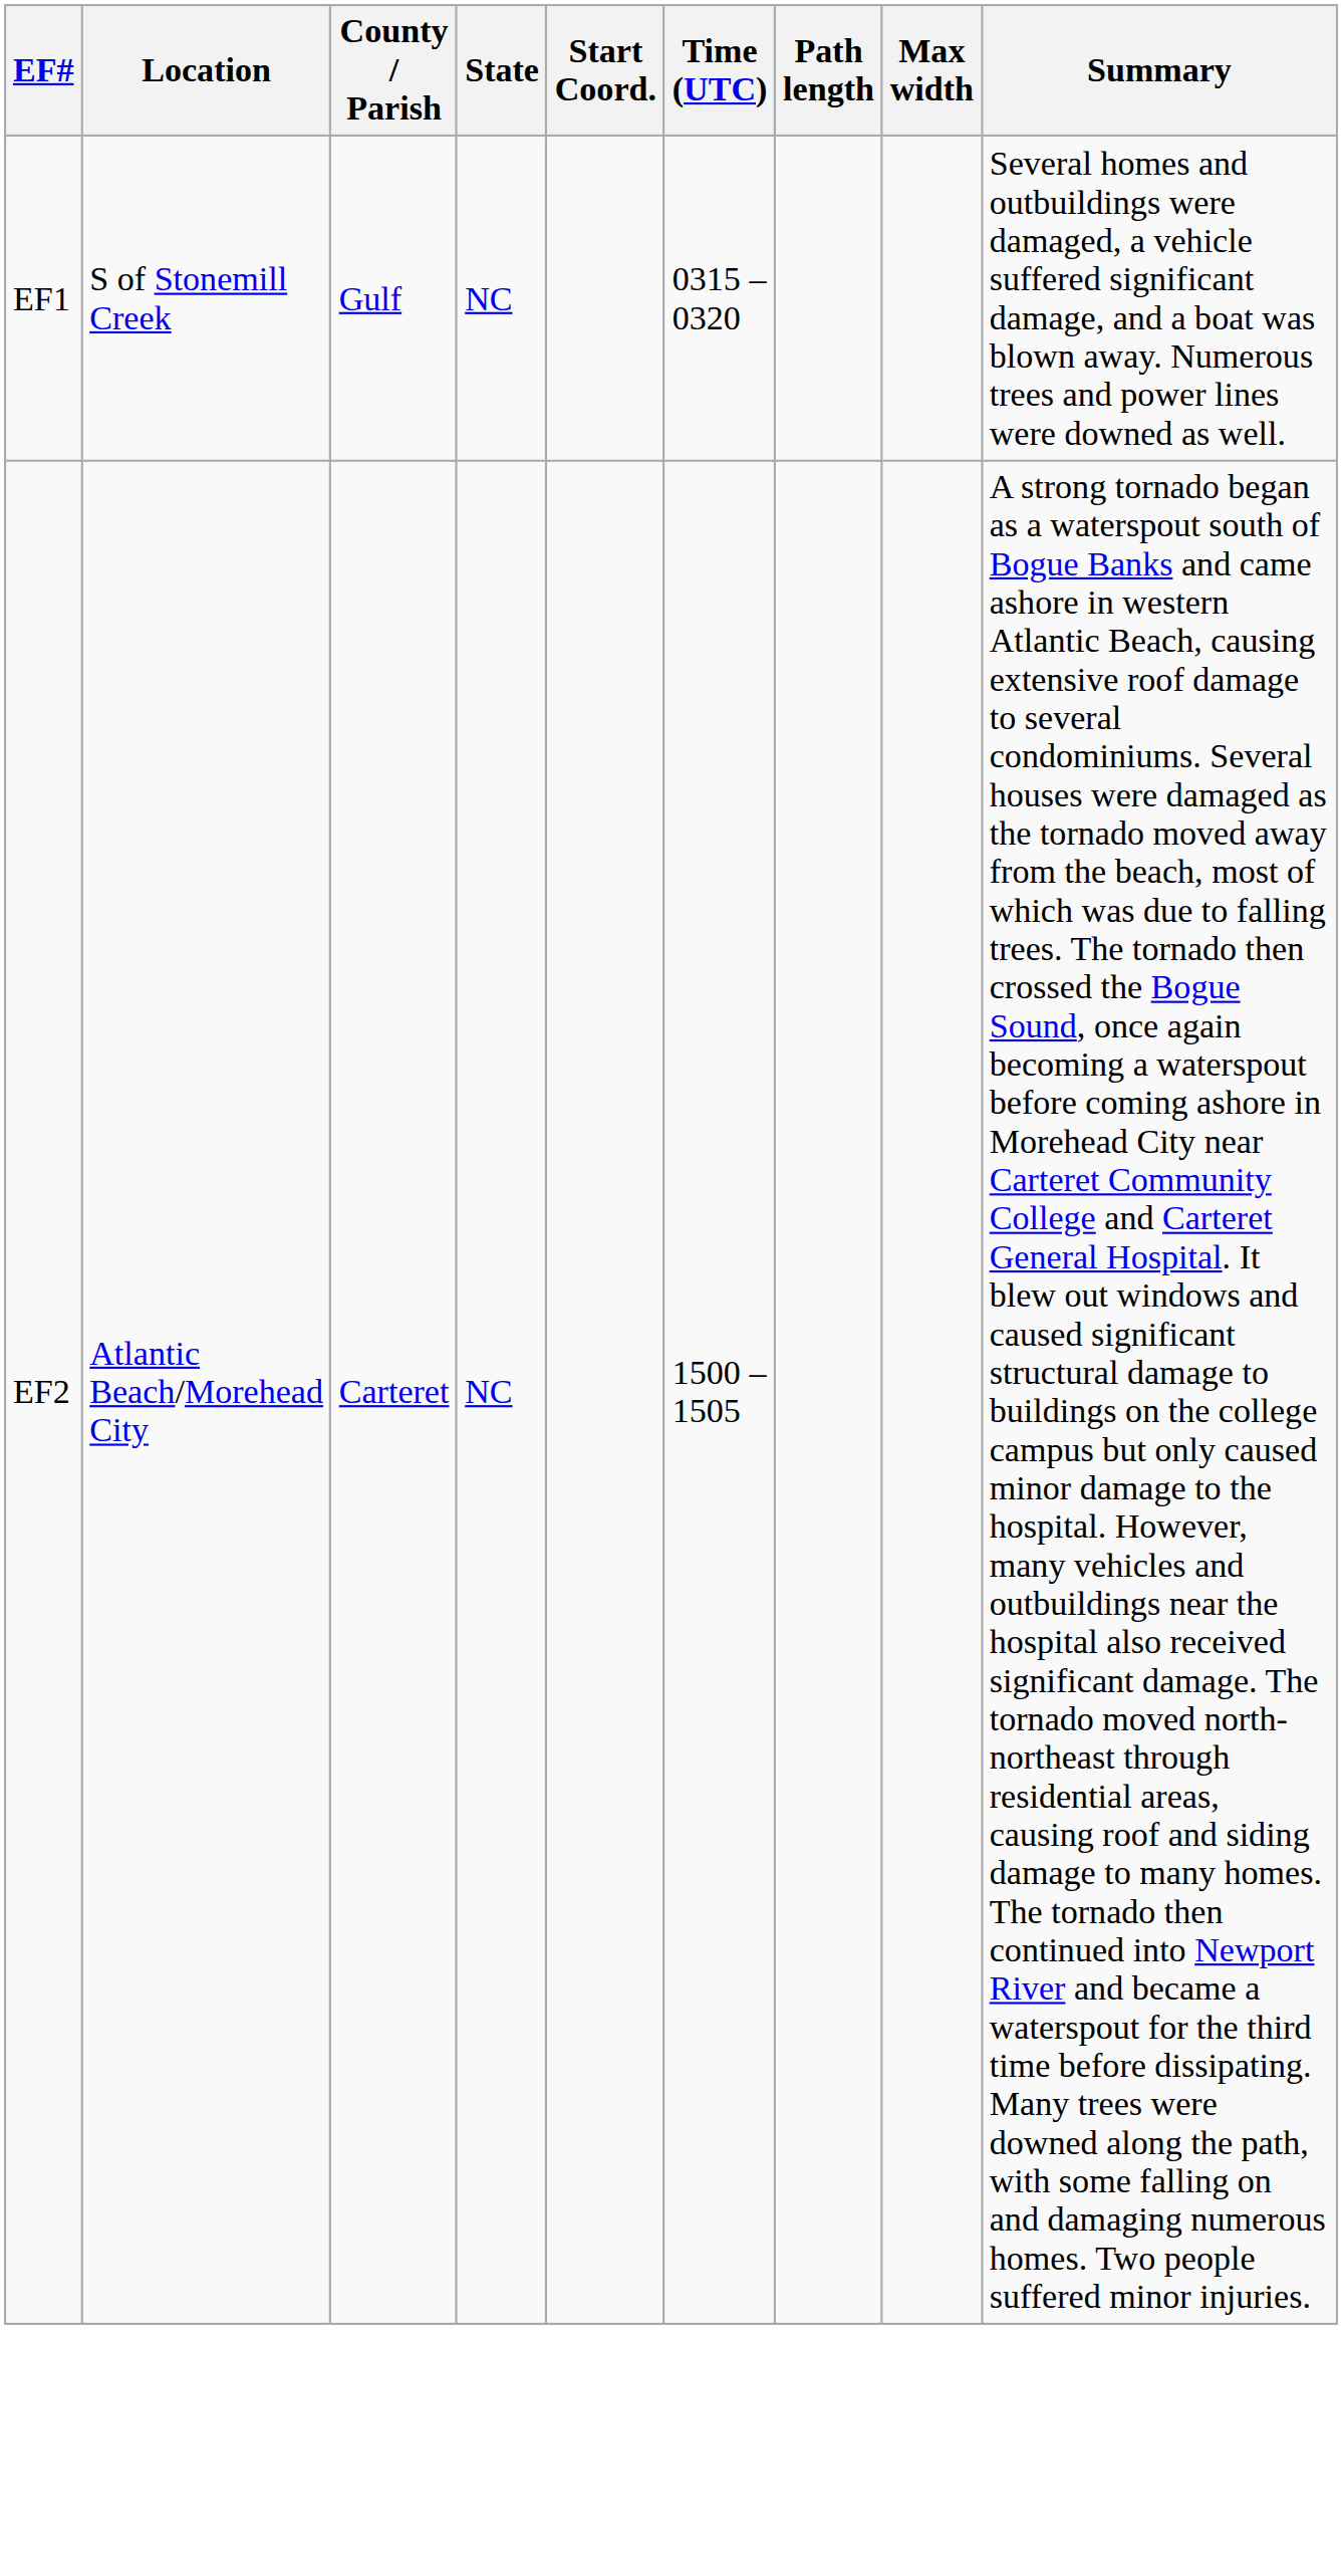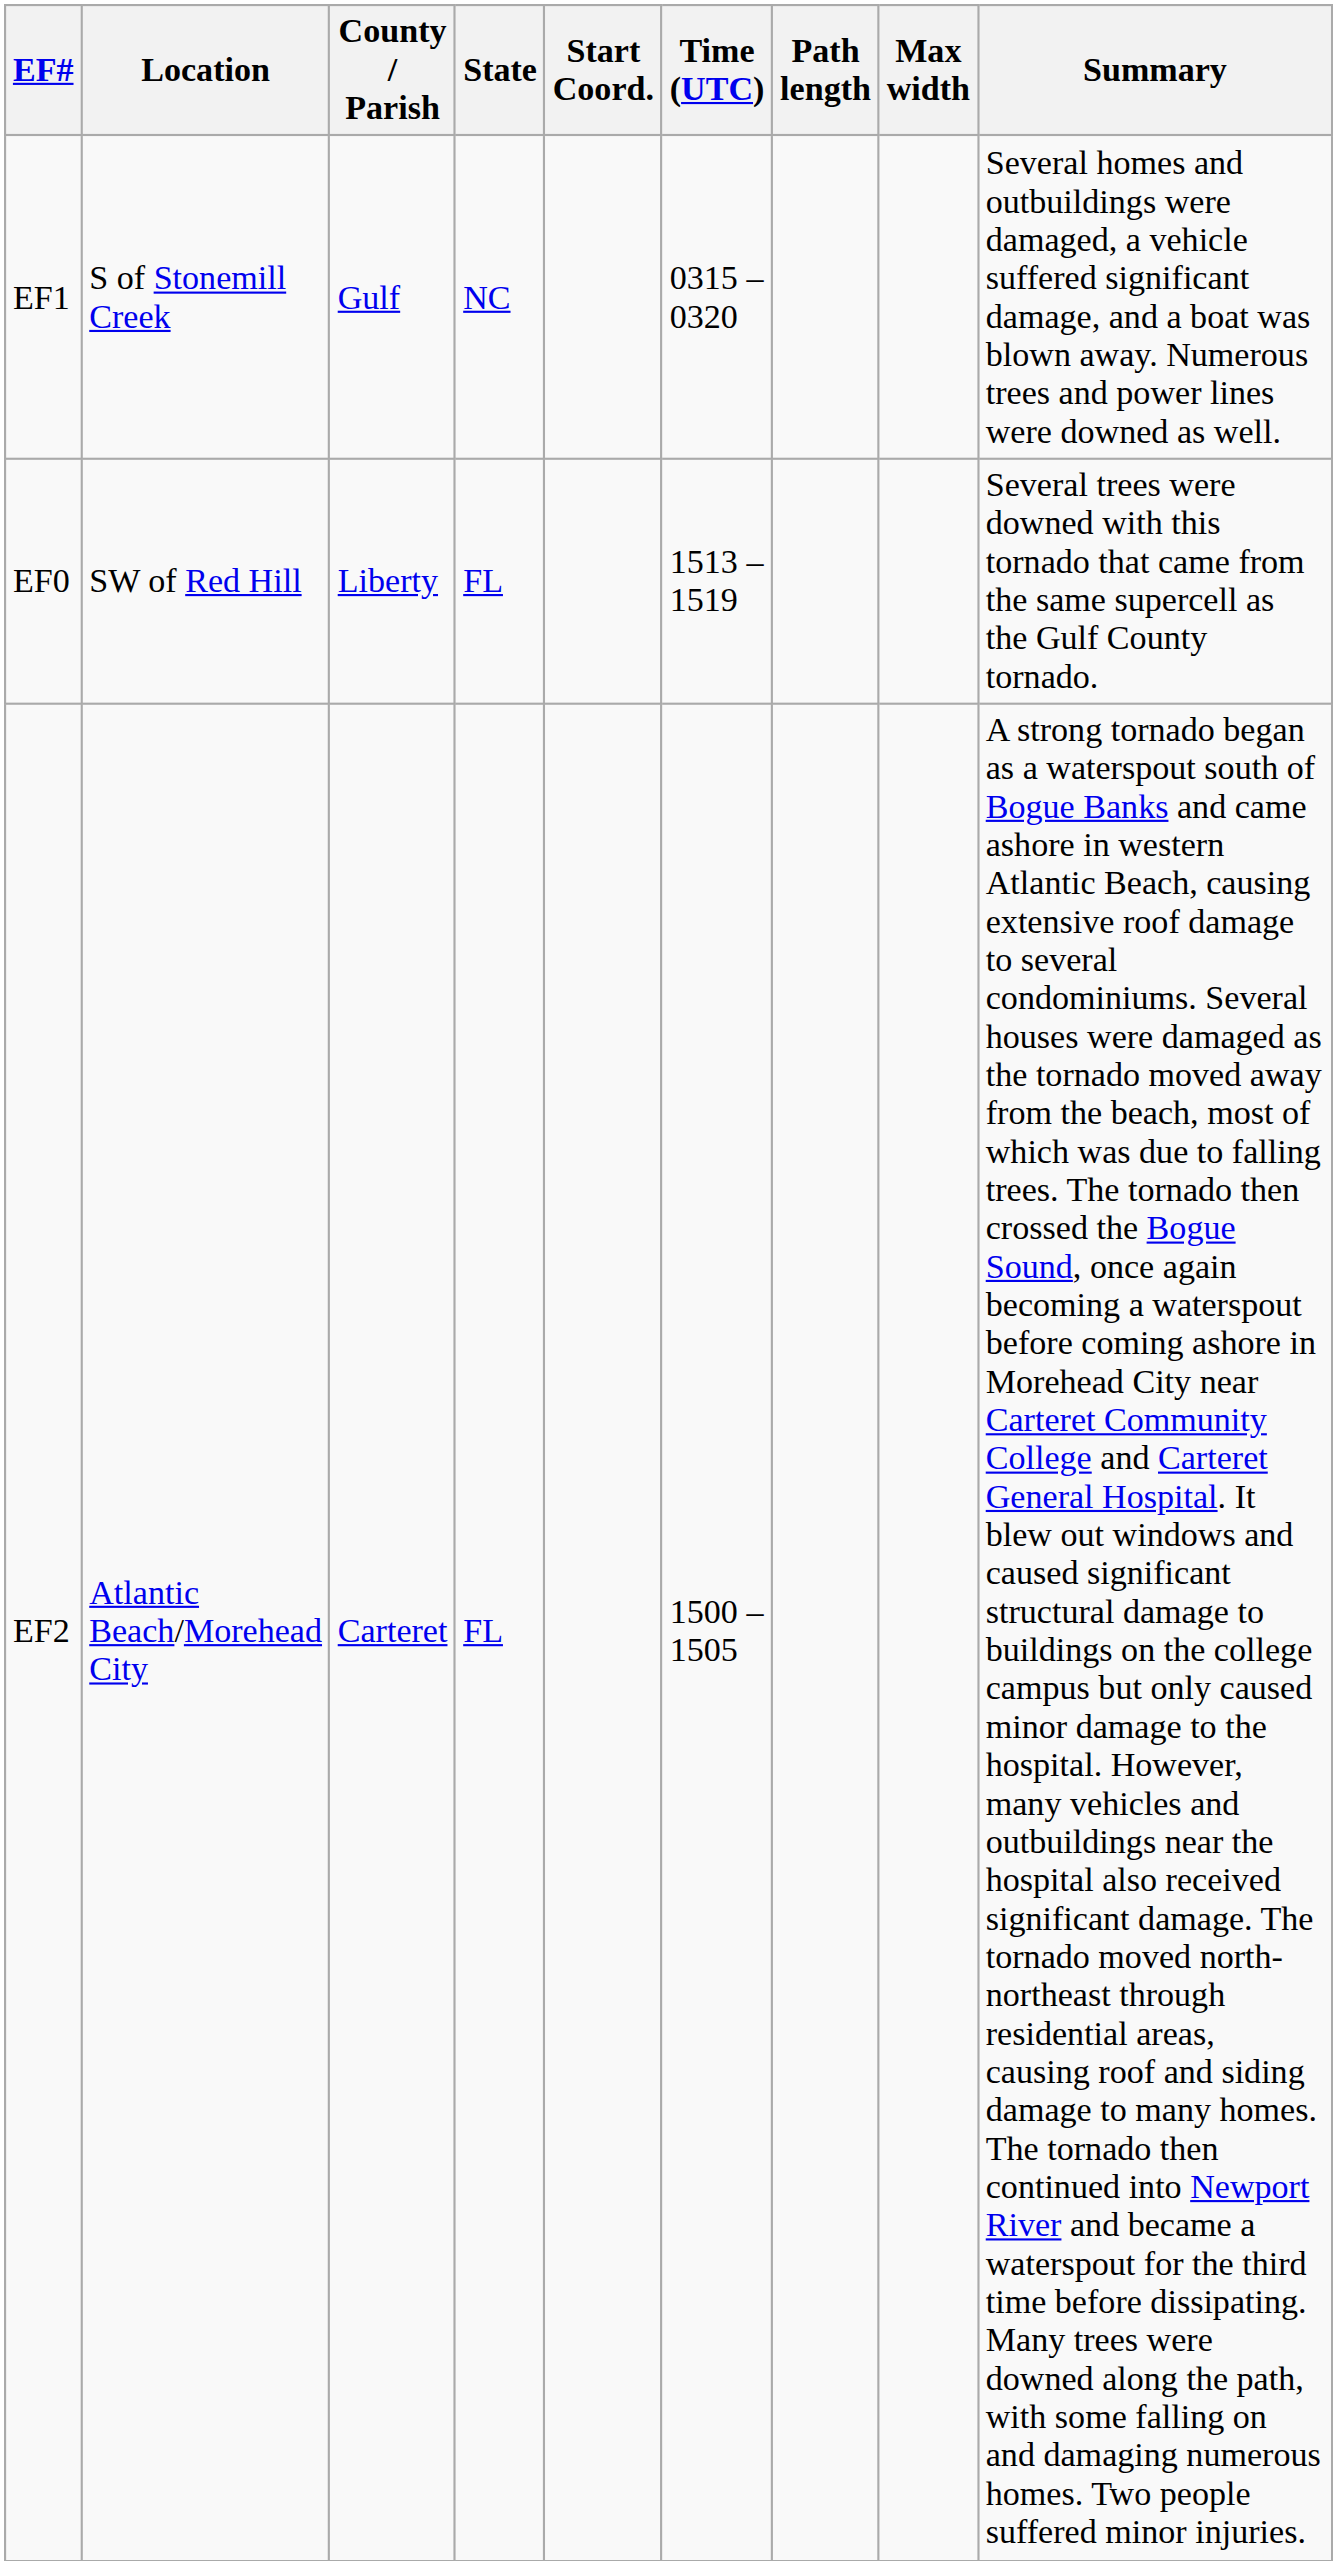 <table class="wikitable sortable" style="width:100%;">
 <tr>
 <th scope="col" width="3%" align="center"><a href='#'>EF#</a></th>
 <th scope="col" width="7%" align="center" class="unsortable">Location</th>
 <th scope="col" width="6%" align="center" class="unsortable">County / Parish</th>
 <th scope="col" width="5%" align="center">State</th>
 <th scope="col" width="6%" align="center">Start Coord.</th>
 <th scope="col" width="6%" align="center">Time (<a href='#'>UTC</a>)</th>
 <th scope="col" width="6%" align="center">Path length</th>
 <th scope="col" width="6%" align="center">Max width</th>
 <th scope="col" width="48%" class="unsortable" align="center">Summary</th>
 </tr>
 <tr>
 <td>EF1</td>
 <td>S of <a href='#'>Stonemill Creek</a></td>
 <td><a href='#'>Gulf</a></td>
 <td><a href='#'>NC</a></td>
 <td></td>
 <td>0315 – 0320</td>
 <td></td>
 <td></td>
 <td>Several homes and outbuildings were damaged, a vehicle suffered significant damage, and a boat was blown away. Numerous trees and power lines were downed as well.</td>
 </tr>
 <tr>
+<td>EF0</td>
+<td>SW of <a href='#'>Red Hill</a></td>
+<td><a href='#'>Liberty</a></td>
+<td><a href='#'>FL</a></td>
+<td></td>
+<td>1513 – 1519</td>
+<td></td>
+<td></td>
+<td>Several trees were downed with this tornado that came from the same supercell as the Gulf County tornado.</td>
+</tr>
+<tr>
 <td>EF2</td>
 <td><a href='#'>Atlantic Beach</a>/<a href='#'>Morehead City</a></td>
 <td><a href='#'>Carteret</a></td>
-<td><a href='#'>NC</a></td>
+<td><a href='#'>FL</a></td>
 <td></td>
 <td>1500 – 1505</td>
 <td></td>
 <td></td>
 <td>A strong tornado began as a waterspout south of <a href='#'>Bogue Banks</a> and came ashore in western Atlantic Beach, causing extensive roof damage to several condominiums. Several houses were damaged as the tornado moved away from the beach, most of which was due to falling trees. The tornado then crossed the <a href='#'>Bogue Sound</a>, once again becoming a waterspout before coming ashore in Morehead City near <a href='#'>Carteret Community College</a> and <a href='#'>Carteret General Hospital</a>. It blew out windows and caused significant structural damage to buildings on the college campus but only caused minor damage to the hospital. However, many vehicles and outbuildings near the hospital also received significant damage. The tornado moved north-northeast through residential areas, causing roof and siding damage to many homes. The tornado then continued into <a href='#'>Newport River</a> and became a waterspout for the third time before dissipating. Many trees were downed along the path, with some falling on and damaging numerous homes. Two people suffered minor injuries.</td>
 </tr>
 <tr>
 </tr>
 </table>
